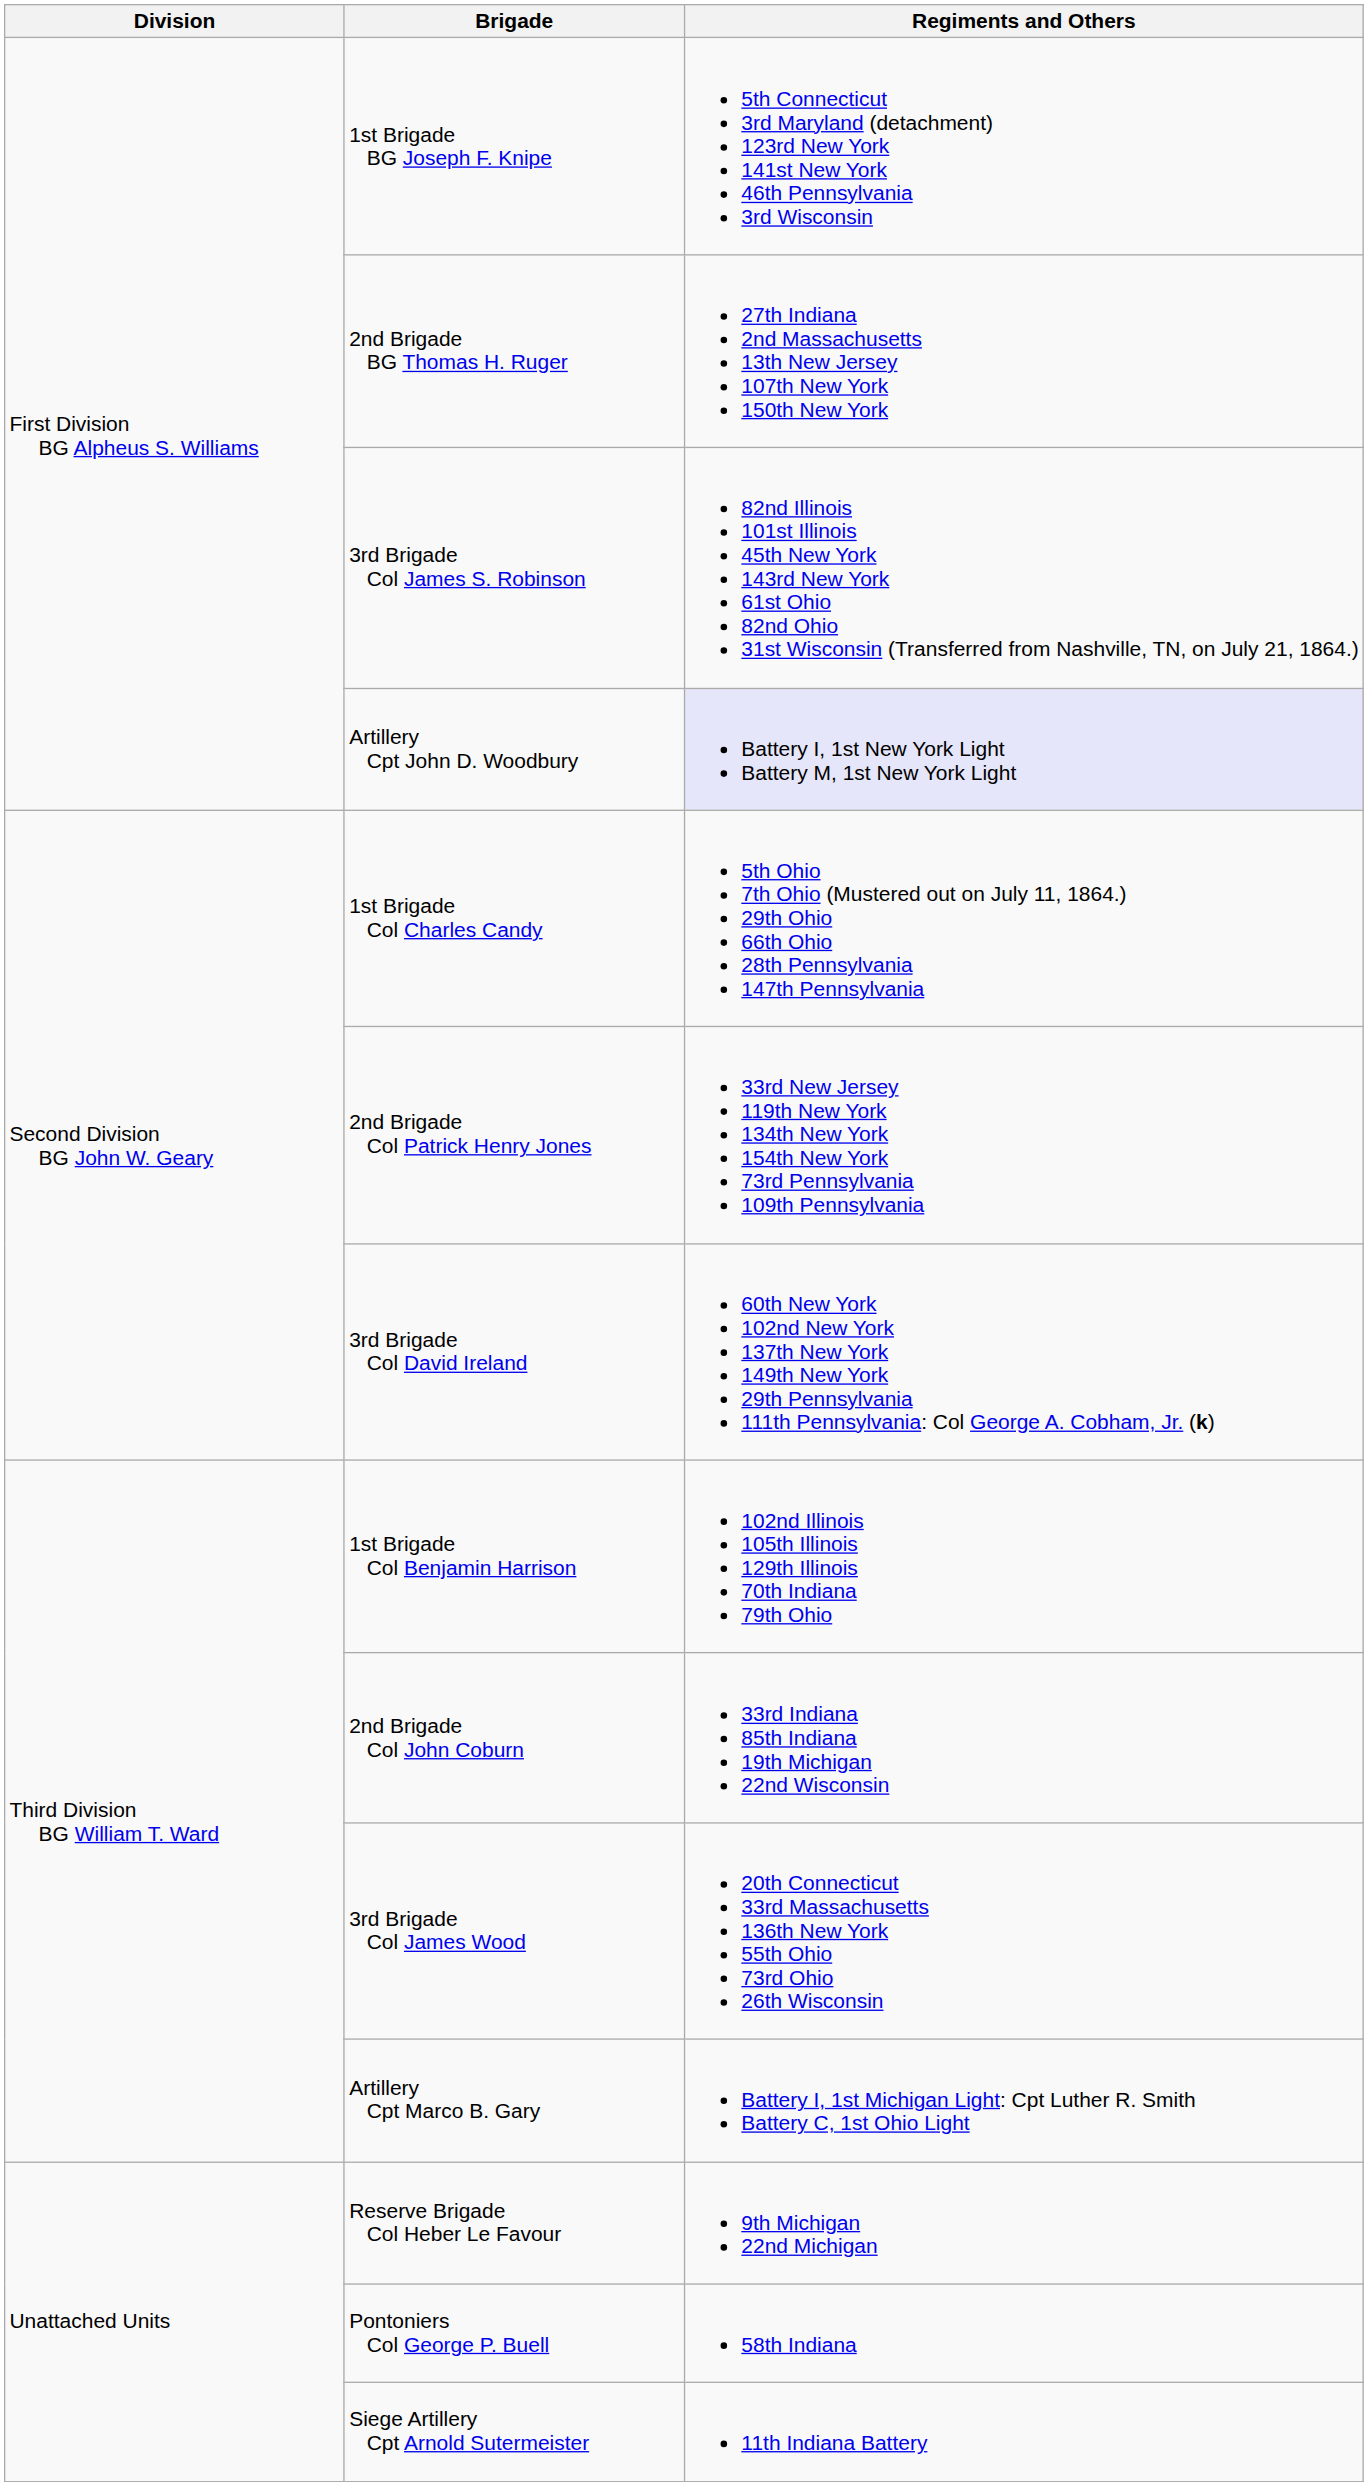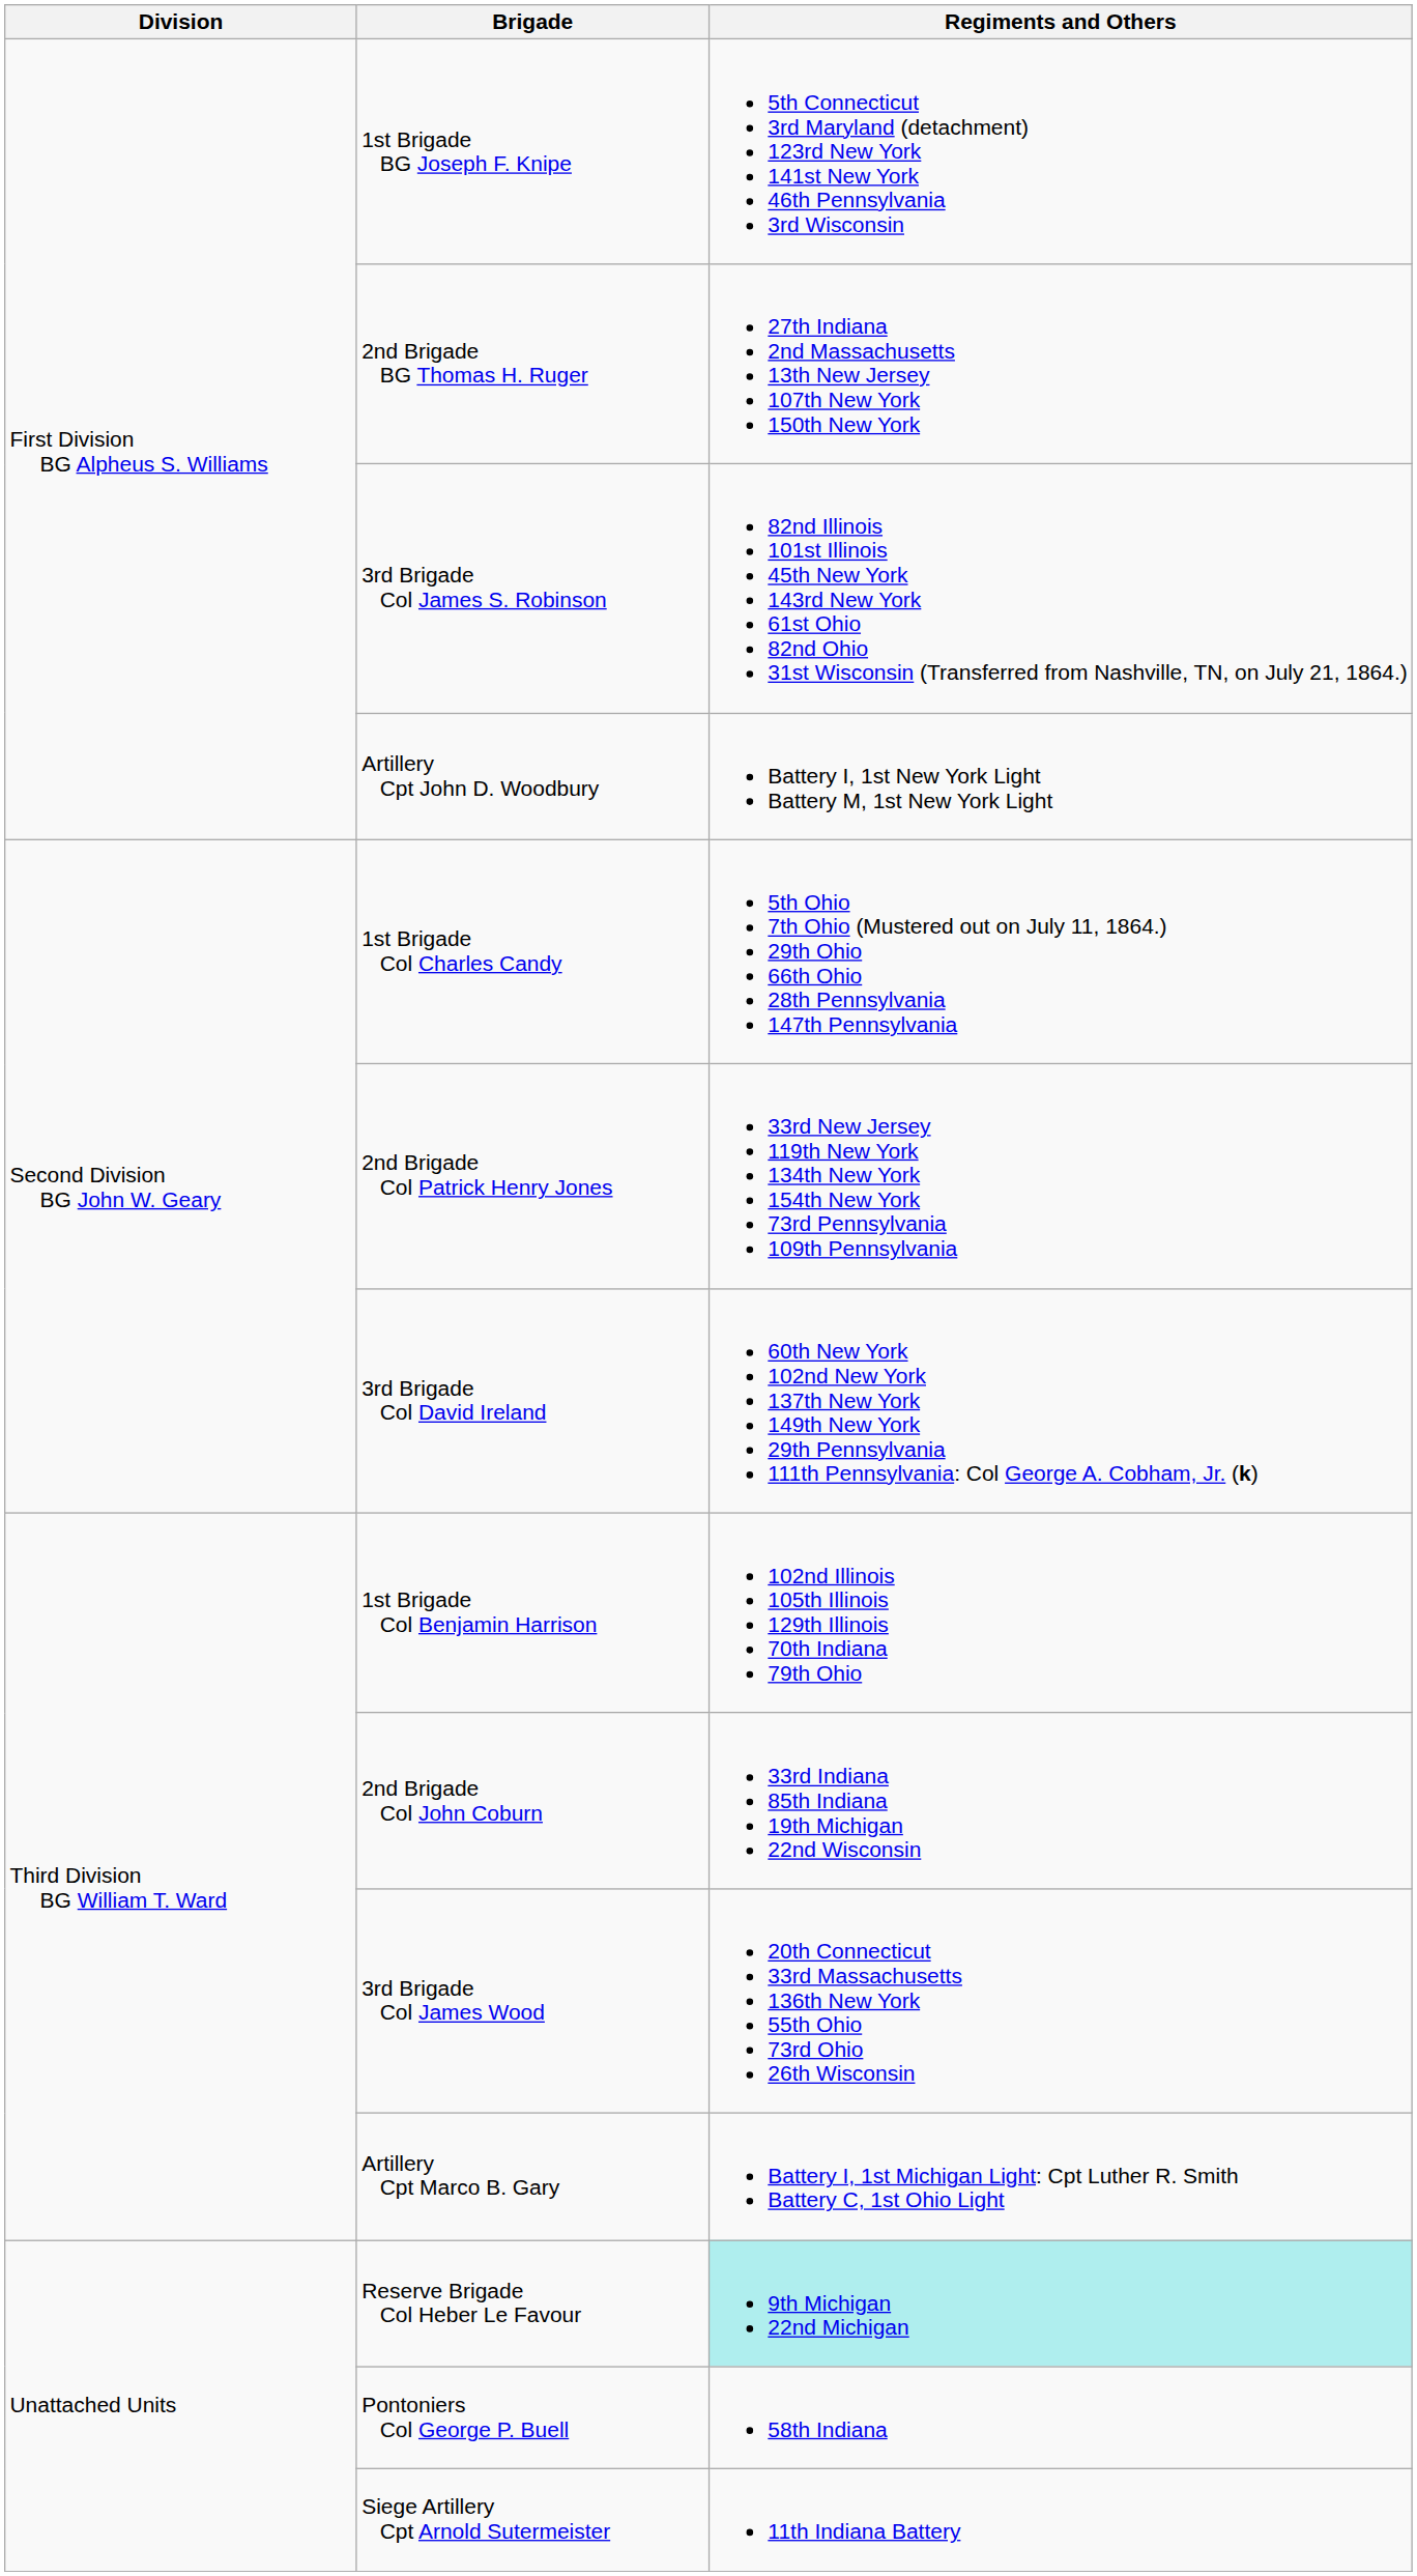 <table class="wikitable">
 <tr>
 <th width=25%>Division</th>
 <th width=25%>Brigade</th>
 <th>Regiments and Others</th>
 </tr>
 <tr>
 <td rowspan=4><br>First Division <br>     BG <a href='#'>Alpheus S. Williams</a><br></td>
 <td>1st Brigade<br>   BG <a href='#'>Joseph F. Knipe</a></td>
 <td><br><ul><li><a href='#'>5th Connecticut</a></li><li><a href='#'>3rd Maryland</a> (detachment)</li><li><a href='#'>123rd New York</a></li><li><a href='#'>141st New York</a></li><li><a href='#'>46th Pennsylvania</a></li><li><a href='#'>3rd Wisconsin</a></li></ul></td>
 </tr>
 <tr>
 <td>2nd Brigade<br>   BG <a href='#'>Thomas H. Ruger</a></td>
 <td><br><ul><li><a href='#'>27th Indiana</a></li><li><a href='#'>2nd Massachusetts</a></li><li><a href='#'>13th New Jersey</a></li><li><a href='#'>107th New York</a></li><li><a href='#'>150th New York</a></li></ul></td>
 </tr>
 <tr>
 <td>3rd Brigade<br>   Col <a href='#'>James S. Robinson</a></td>
 <td><br><ul><li><a href='#'>82nd Illinois</a></li><li><a href='#'>101st Illinois</a></li><li><a href='#'>45th New York</a></li><li><a href='#'>143rd New York</a></li><li><a href='#'>61st Ohio</a></li><li><a href='#'>82nd Ohio</a></li><li><a href='#'>31st Wisconsin</a> (Transferred from Nashville, TN, on July 21, 1864.)</li></ul></td>
 </tr>
 <tr>
 <td>Artillery<br>   Cpt John D. Woodbury</td>
-<td style="background: lavender;"><br><ul><li>Battery I, 1st New York Light</li><li>Battery M, 1st New York Light</li></ul></td>
+<td><br><ul><li>Battery I, 1st New York Light</li><li>Battery M, 1st New York Light</li></ul></td>
 </tr>
 <tr>
 <td rowspan=3><br>Second Division <br>     BG <a href='#'>John W. Geary</a><br></td>
 <td>1st Brigade<br>   Col <a href='#'>Charles Candy</a></td>
 <td><br><ul><li><a href='#'>5th Ohio</a></li><li><a href='#'>7th Ohio</a> (Mustered out on July 11, 1864.) </li><li><a href='#'>29th Ohio</a></li><li><a href='#'>66th Ohio</a></li><li><a href='#'>28th Pennsylvania</a></li><li><a href='#'>147th Pennsylvania</a></li></ul></td>
 </tr>
 <tr>
 <td>2nd Brigade<br>   Col <a href='#'>Patrick Henry Jones</a></td>
 <td><br><ul><li><a href='#'>33rd New Jersey</a></li><li><a href='#'>119th New York</a></li><li><a href='#'>134th New York</a></li><li><a href='#'>154th New York</a></li><li><a href='#'>73rd Pennsylvania</a></li><li><a href='#'>109th Pennsylvania</a></li></ul></td>
 </tr>
 <tr>
 <td>3rd Brigade<br>   Col <a href='#'>David Ireland</a></td>
 <td><br><ul><li><a href='#'>60th New York</a></li><li><a href='#'>102nd New York</a></li><li><a href='#'>137th New York</a></li><li><a href='#'>149th New York</a></li><li><a href='#'>29th Pennsylvania</a></li><li><a href='#'>111th Pennsylvania</a>: Col <a href='#'>George A. Cobham, Jr.</a> (<strong>k</strong>)</li></ul></td>
 </tr>
 <tr>
 <td rowspan=4><br>Third Division <br>     BG <a href='#'>William T. Ward</a><br></td>
 <td>1st Brigade<br>   Col <a href='#'>Benjamin Harrison</a></td>
 <td><br><ul><li><a href='#'>102nd Illinois</a></li><li><a href='#'>105th Illinois</a></li><li><a href='#'>129th Illinois</a></li><li><a href='#'>70th Indiana</a></li><li><a href='#'>79th Ohio</a></li></ul></td>
 </tr>
 <tr>
 <td>2nd Brigade<br>   Col <a href='#'>John Coburn</a></td>
 <td><br><ul><li><a href='#'>33rd Indiana</a></li><li><a href='#'>85th Indiana</a></li><li><a href='#'>19th Michigan</a></li><li><a href='#'>22nd Wisconsin</a></li></ul></td>
 </tr>
 <tr>
 <td>3rd Brigade<br>   Col <a href='#'>James Wood</a></td>
 <td><br><ul><li><a href='#'>20th Connecticut</a></li><li><a href='#'>33rd Massachusetts</a></li><li><a href='#'>136th New York</a></li><li><a href='#'>55th Ohio</a></li><li><a href='#'>73rd Ohio</a></li><li><a href='#'>26th Wisconsin</a></li></ul></td>
 </tr>
 <tr>
 <td>Artillery<br>   Cpt Marco B. Gary</td>
 <td><br><ul><li><a href='#'> Battery I, 1st Michigan Light</a>: Cpt Luther R. Smith</li><li><a href='#'>Battery C, 1st Ohio Light</a></li></ul></td>
 </tr>
 <tr>
 <td rowspan=3><br>Unattached Units <br>    </td>
 <td>Reserve Brigade<br>   Col Heber Le Favour</td>
-<td><br><ul><li><a href='#'>9th Michigan</a></li><li><a href='#'>22nd Michigan</a></li></ul></td>
+<td style="background: paleturquoise;"><br><ul><li><a href='#'>9th Michigan</a></li><li><a href='#'>22nd Michigan</a></li></ul></td>
 </tr>
 <tr>
 <td>Pontoniers<br>   Col <a href='#'>George P. Buell</a></td>
 <td><br><ul><li><a href='#'>58th Indiana</a></li></ul></td>
 </tr>
 <tr>
 <td>Siege Artillery<br>   Cpt <a href='#'>Arnold Sutermeister</a></td>
 <td><br><ul><li><a href='#'>11th Indiana Battery</a></li></ul></td>
 </tr>
 <tr>
 </tr>
 </table>
